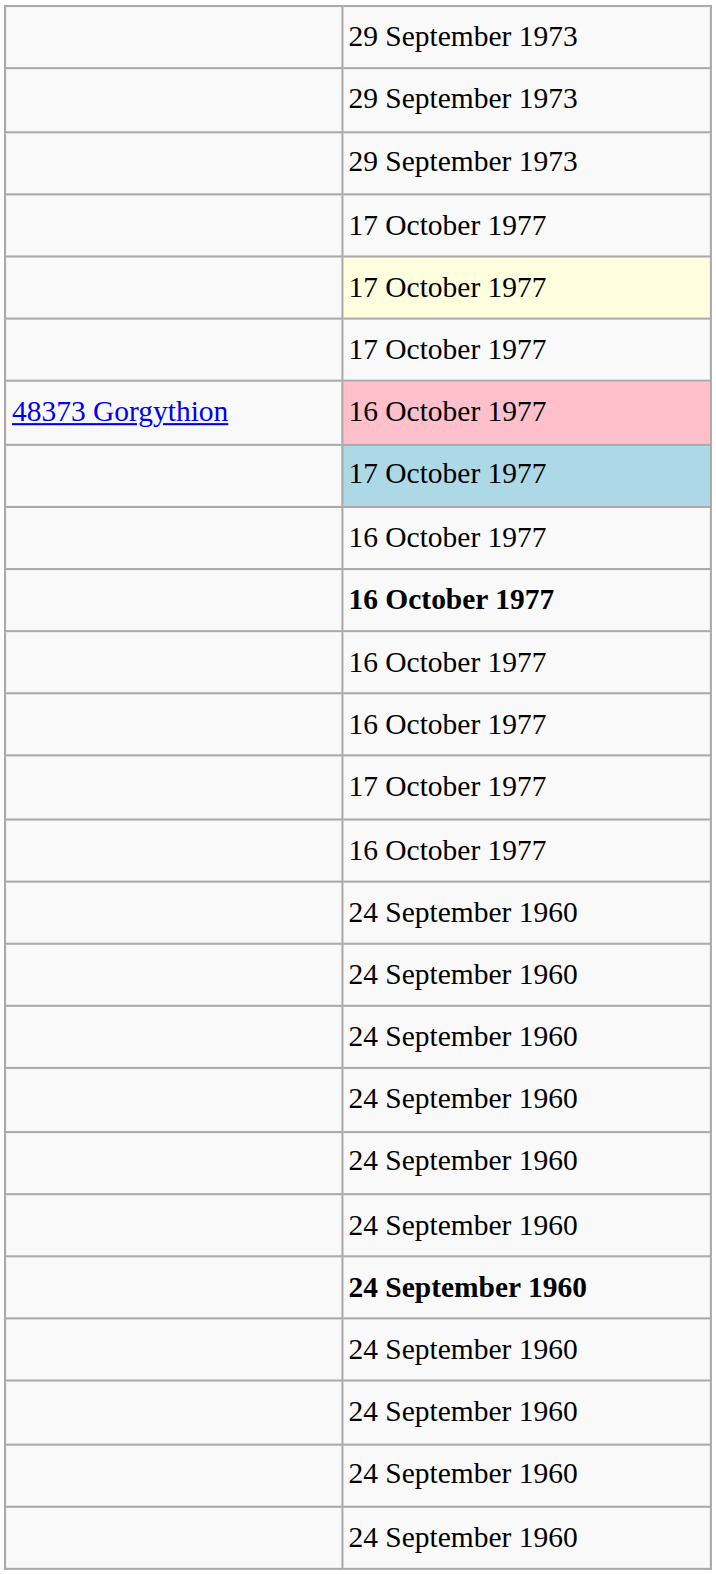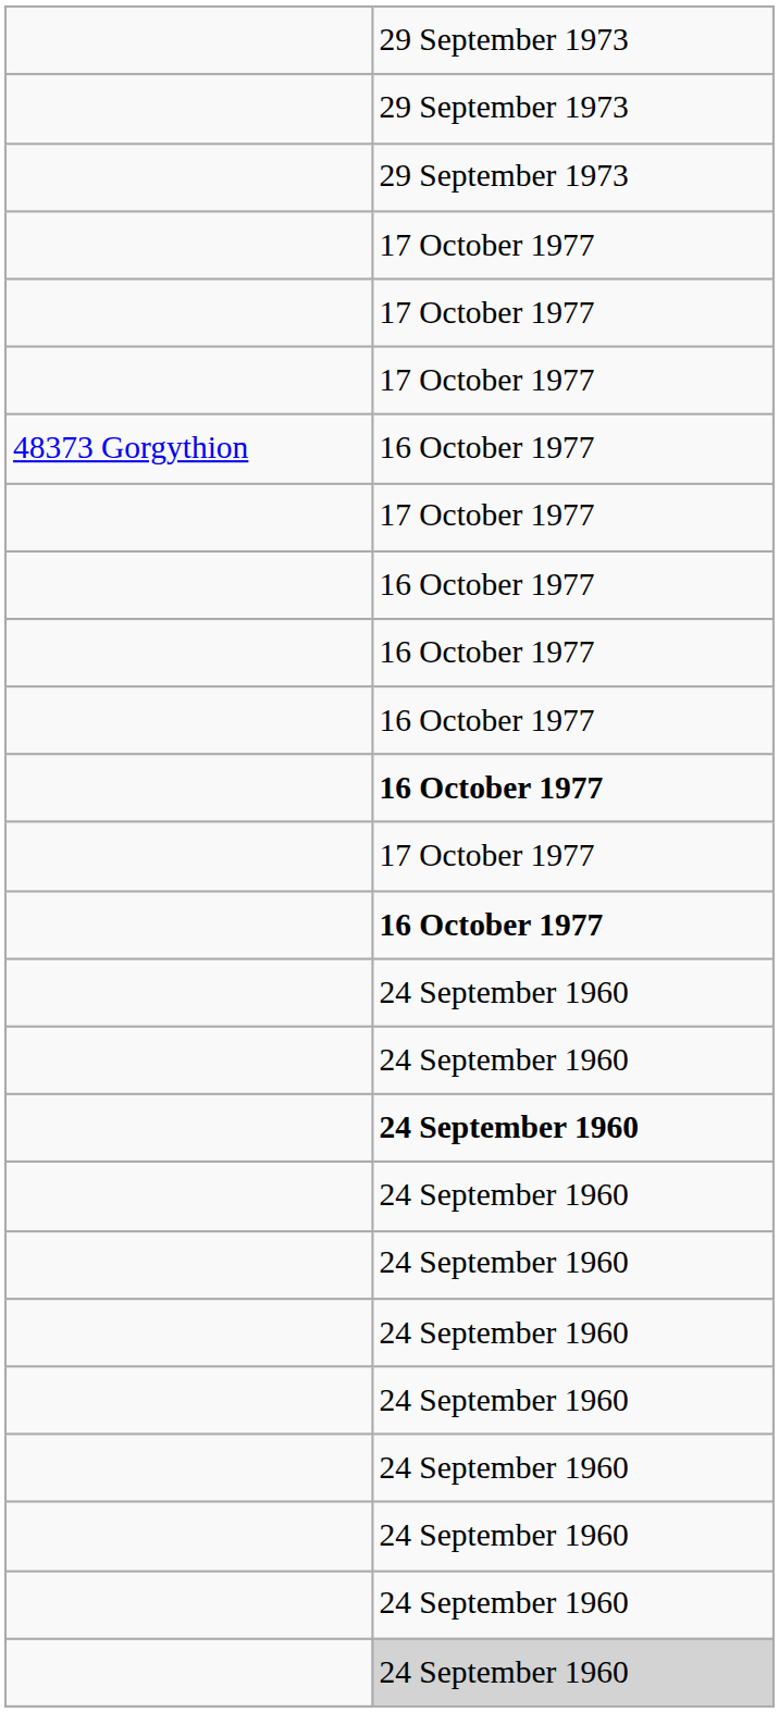 <table class="wikitable" style="font-size: 89%; float: left; width: 24em; margin-right: 1em; line-height: 1.65em">
 <tr>
 <td></td>
 <td>29 September 1973</td>
 </tr>
 <tr>
 <td></td>
 <td>29 September 1973</td>
 </tr>
 <tr>
 <td></td>
 <td>29 September 1973</td>
 </tr>
 <tr>
 <td></td>
 <td>17 October 1977</td>
 </tr>
 <tr>
 <td></td>
-<td style="background: lightyellow;">17 October 1977</td>
+<td>17 October 1977</td>
 </tr>
 <tr>
 <td></td>
 <td>17 October 1977</td>
 </tr>
 <tr>
 <td><a href='#'>48373 Gorgythion</a></td>
-<td style="background: pink;">16 October 1977</td>
-</tr>
-<tr>
-<td></td>
-<td style="background: lightblue;">17 October 1977</td>
-</tr>
-<tr>
-<td></td>
-<td>16 October 1977</td>
-</tr>
-<tr>
-<td></td>
-<td><strong>16 October 1977</strong></td>
-</tr>
-<tr>
-<td></td>
-<td>16 October 1977</td>
-</tr>
-<tr>
-<td></td>
 <td>16 October 1977</td>
 </tr>
 <tr>
 <td></td>
 <td>17 October 1977</td>
 </tr>
 <tr>
 <td></td>
 <td>16 October 1977</td>
 </tr>
 <tr>
 <td></td>
-<td>24 September 1960</td>
+<td>16 October 1977</td>
 </tr>
 <tr>
 <td></td>
-<td>24 September 1960</td>
+<td>16 October 1977</td>
 </tr>
 <tr>
 <td></td>
-<td>24 September 1960</td>
+<td><strong>16 October 1977</strong></td>
 </tr>
 <tr>
 <td></td>
-<td>24 September 1960</td>
+<td>17 October 1977</td>
+</tr>
+<tr>
+<td></td>
+<td><strong>16 October 1977</strong></td>
 </tr>
 <tr>
 <td></td>
 <td>24 September 1960</td>
 </tr>
 <tr>
 <td></td>
 <td>24 September 1960</td>
 </tr>
 <tr>
 <td></td>
 <td><strong>24 September 1960</strong></td>
 </tr>
 <tr>
 <td></td>
 <td>24 September 1960</td>
 </tr>
 <tr>
 <td></td>
 <td>24 September 1960</td>
 </tr>
 <tr>
 <td></td>
 <td>24 September 1960</td>
 </tr>
 <tr>
 <td></td>
 <td>24 September 1960</td>
 </tr>
+<tr>
+<td></td>
+<td>24 September 1960</td>
+</tr>
+<tr>
+<td></td>
+<td>24 September 1960</td>
+</tr>
+<tr>
+<td></td>
+<td>24 September 1960</td>
+</tr>
+<tr>
+<td></td>
+<td style="background: lightgrey;">24 September 1960</td>
+</tr>
 </table>
